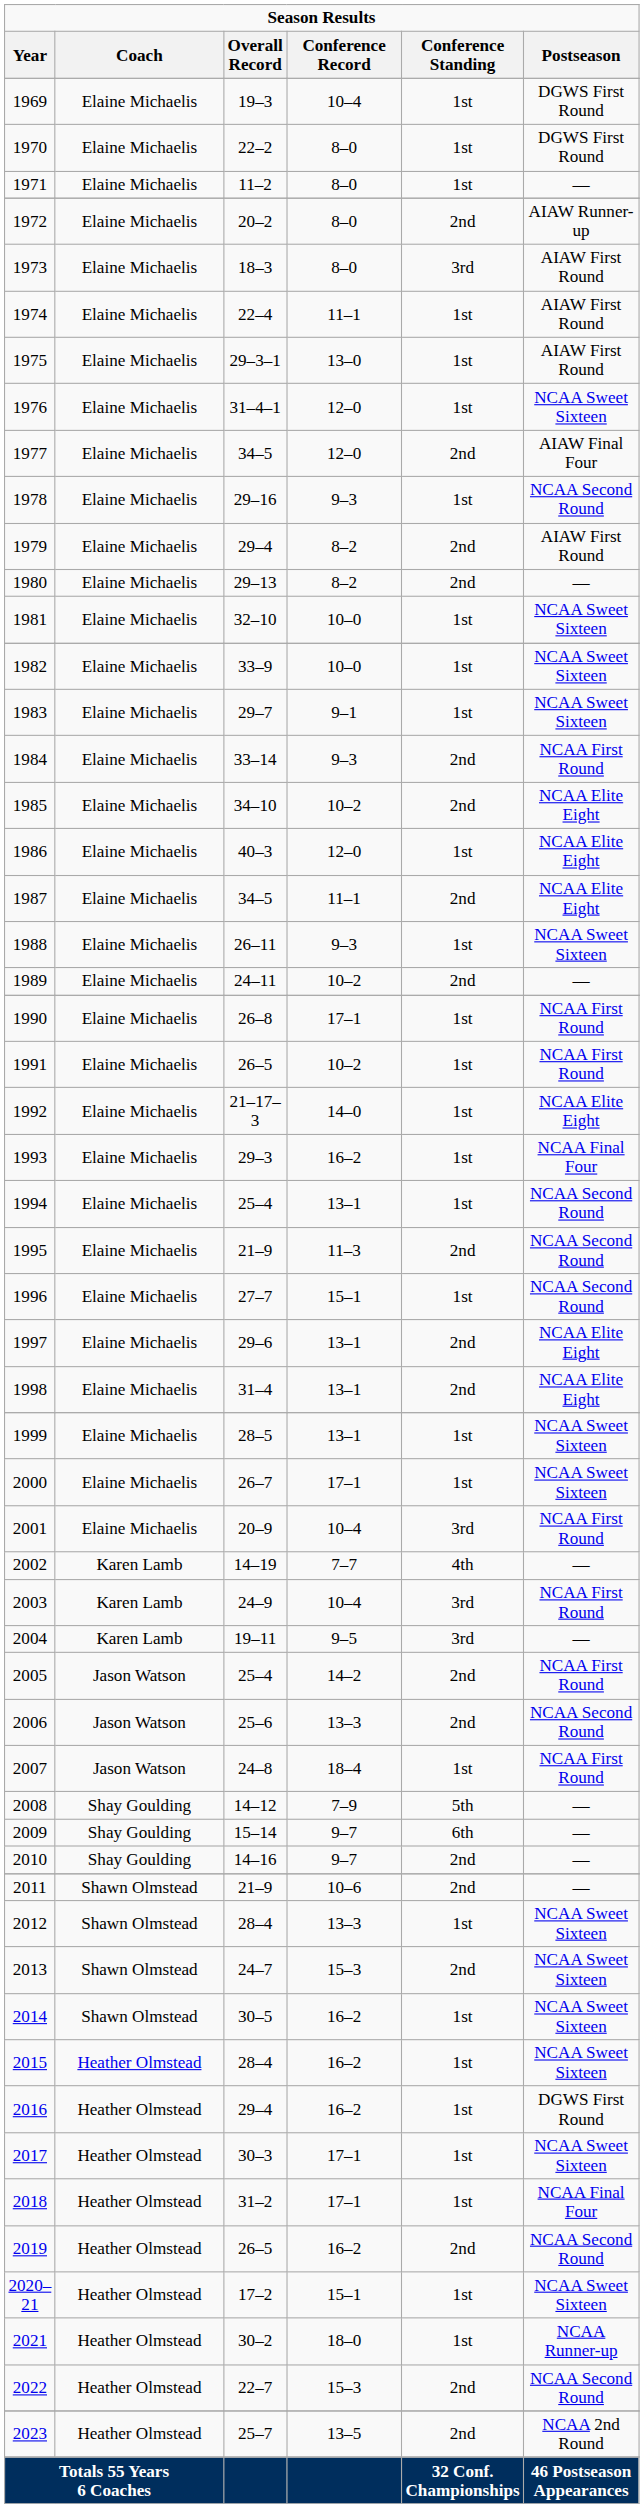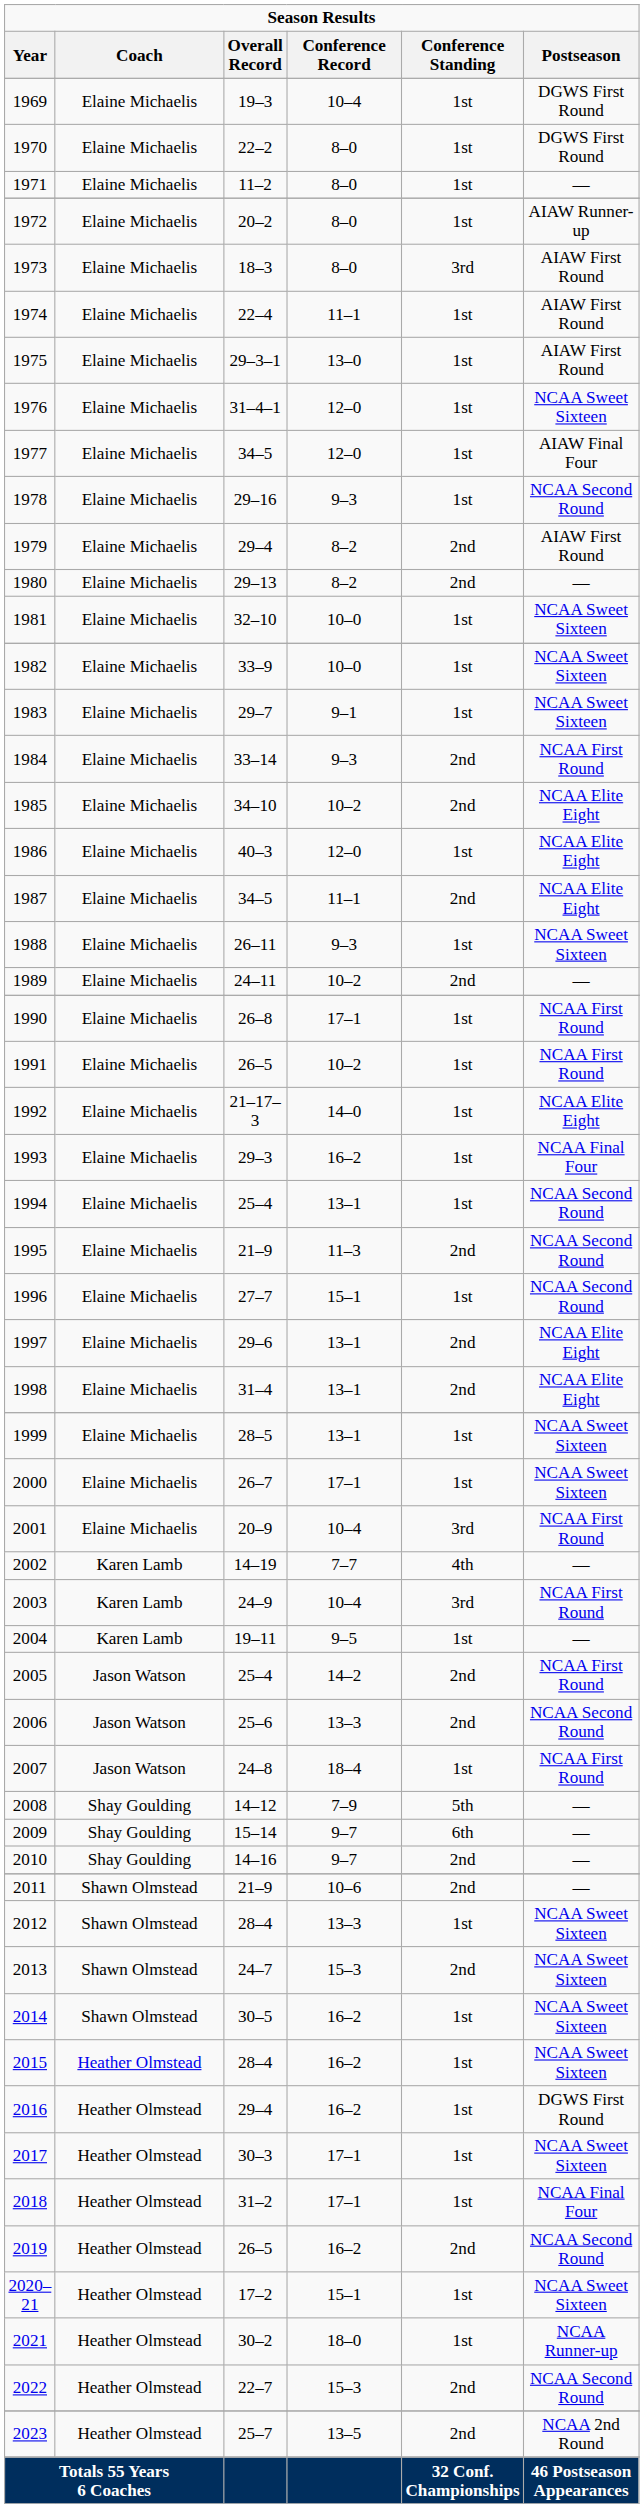 <table class="wikitable sortable" style="text-align:center">
 <tr>
 <td colspan="6"><strong>Season Results</strong></td>
 </tr>
 <tr>
 <th style="width:40px; ">Year</th>
 <th style="width:150px; ">Coach</th>
 <th style="width:40px; ">Overall Record</th>
 <th style="width:100px; ">Conference Record</th>
 <th style="width:40px; ">Conference Standing</th>
 <th style="width:100px; ">Postseason</th>
 </tr>
 <tr>
 </tr>
 <tr>
 <td>1969</td>
 <td>Elaine Michaelis</td>
 <td>19–3</td>
 <td>10–4</td>
 <td>1st</td>
 <td>DGWS First Round</td>
 </tr>
 <tr>
 <td>1970</td>
 <td>Elaine Michaelis</td>
 <td>22–2</td>
 <td>8–0</td>
 <td>1st</td>
 <td>DGWS First Round</td>
 </tr>
 <tr>
 <td>1971</td>
 <td>Elaine Michaelis</td>
 <td>11–2</td>
 <td>8–0</td>
 <td>1st</td>
 <td>—</td>
 </tr>
 <tr>
 </tr>
 <tr>
 <td>1972</td>
 <td>Elaine Michaelis</td>
 <td>20–2</td>
 <td>8–0</td>
-<td>2nd</td>
+<td>1st</td>
 <td>AIAW Runner-up</td>
 </tr>
 <tr>
 <td>1973</td>
 <td>Elaine Michaelis</td>
 <td>18–3</td>
 <td>8–0</td>
 <td>3rd</td>
 <td>AIAW First Round</td>
 </tr>
 <tr>
 <td>1974</td>
 <td>Elaine Michaelis</td>
 <td>22–4</td>
 <td>11–1</td>
 <td>1st</td>
 <td>AIAW First Round</td>
 </tr>
 <tr>
 <td>1975</td>
 <td>Elaine Michaelis</td>
 <td>29–3–1</td>
 <td>13–0</td>
 <td>1st</td>
 <td>AIAW First Round</td>
 </tr>
 <tr>
 <td>1976</td>
 <td>Elaine Michaelis</td>
 <td>31–4–1</td>
 <td>12–0</td>
 <td>1st</td>
 <td><a href='#'>NCAA Sweet Sixteen</a></td>
 </tr>
 <tr>
 <td>1977</td>
 <td>Elaine Michaelis</td>
 <td>34–5</td>
 <td>12–0</td>
-<td>2nd</td>
+<td>1st</td>
 <td>AIAW Final Four</td>
 </tr>
 <tr>
 <td>1978</td>
 <td>Elaine Michaelis</td>
 <td>29–16</td>
 <td>9–3</td>
 <td>1st</td>
 <td><a href='#'>NCAA Second Round</a></td>
 </tr>
 <tr>
 <td>1979</td>
 <td>Elaine Michaelis</td>
 <td>29–4</td>
 <td>8–2</td>
 <td>2nd</td>
 <td>AIAW First Round</td>
 </tr>
 <tr>
 <td>1980</td>
 <td>Elaine Michaelis</td>
 <td>29–13</td>
 <td>8–2</td>
 <td>2nd</td>
 <td>—</td>
 </tr>
 <tr>
 <td>1981</td>
 <td>Elaine Michaelis</td>
 <td>32–10</td>
 <td>10–0</td>
 <td>1st</td>
 <td><a href='#'>NCAA Sweet Sixteen</a></td>
 </tr>
 <tr>
 </tr>
 <tr>
 <td>1982</td>
 <td>Elaine Michaelis</td>
 <td>33–9</td>
 <td>10–0</td>
 <td>1st</td>
 <td><a href='#'>NCAA Sweet Sixteen</a></td>
 </tr>
 <tr>
 <td>1983</td>
 <td>Elaine Michaelis</td>
 <td>29–7</td>
 <td>9–1</td>
 <td>1st</td>
 <td><a href='#'>NCAA Sweet Sixteen</a></td>
 </tr>
 <tr>
 <td>1984</td>
 <td>Elaine Michaelis</td>
 <td>33–14</td>
 <td>9–3</td>
 <td>2nd</td>
 <td><a href='#'>NCAA First Round</a></td>
 </tr>
 <tr>
 <td>1985</td>
 <td>Elaine Michaelis</td>
 <td>34–10</td>
 <td>10–2</td>
 <td>2nd</td>
 <td><a href='#'>NCAA Elite Eight</a></td>
 </tr>
 <tr>
 <td>1986</td>
 <td>Elaine Michaelis</td>
 <td>40–3</td>
 <td>12–0</td>
 <td>1st</td>
 <td><a href='#'>NCAA Elite Eight</a></td>
 </tr>
 <tr>
 <td>1987</td>
 <td>Elaine Michaelis</td>
 <td>34–5</td>
 <td>11–1</td>
 <td>2nd</td>
 <td><a href='#'>NCAA Elite Eight</a></td>
 </tr>
 <tr>
 <td>1988</td>
 <td>Elaine Michaelis</td>
 <td>26–11</td>
 <td>9–3</td>
 <td>1st</td>
 <td><a href='#'>NCAA Sweet Sixteen</a></td>
 </tr>
 <tr>
 <td>1989</td>
 <td>Elaine Michaelis</td>
 <td>24–11</td>
 <td>10–2</td>
 <td>2nd</td>
 <td>—</td>
 </tr>
 <tr>
 </tr>
 <tr>
 <td>1990</td>
 <td>Elaine Michaelis</td>
 <td>26–8</td>
 <td>17–1</td>
 <td>1st</td>
 <td><a href='#'>NCAA First Round</a></td>
 </tr>
 <tr>
 <td>1991</td>
 <td>Elaine Michaelis</td>
 <td>26–5</td>
 <td>10–2</td>
 <td>1st</td>
 <td><a href='#'>NCAA First Round</a></td>
 </tr>
 <tr>
 <td>1992</td>
 <td>Elaine Michaelis</td>
 <td>21–17–3</td>
 <td>14–0</td>
 <td>1st</td>
 <td><a href='#'>NCAA Elite Eight</a></td>
 </tr>
 <tr>
 <td>1993</td>
 <td>Elaine Michaelis</td>
 <td>29–3</td>
 <td>16–2</td>
 <td>1st</td>
 <td><a href='#'>NCAA Final Four</a></td>
 </tr>
 <tr>
 <td>1994</td>
 <td>Elaine Michaelis</td>
 <td>25–4</td>
 <td>13–1</td>
 <td>1st</td>
 <td><a href='#'>NCAA Second Round</a></td>
 </tr>
 <tr>
 <td>1995</td>
 <td>Elaine Michaelis</td>
 <td>21–9</td>
 <td>11–3</td>
 <td>2nd</td>
 <td><a href='#'>NCAA Second Round</a></td>
 </tr>
 <tr>
 <td>1996</td>
 <td>Elaine Michaelis</td>
 <td>27–7</td>
 <td>15–1</td>
 <td>1st</td>
 <td><a href='#'>NCAA Second Round</a></td>
 </tr>
 <tr>
 <td>1997</td>
 <td>Elaine Michaelis</td>
 <td>29–6</td>
 <td>13–1</td>
 <td>2nd</td>
 <td><a href='#'>NCAA Elite Eight</a></td>
 </tr>
 <tr>
 <td>1998</td>
 <td>Elaine Michaelis</td>
 <td>31–4</td>
 <td>13–1</td>
 <td>2nd</td>
 <td><a href='#'>NCAA Elite Eight</a></td>
 </tr>
 <tr>
 </tr>
 <tr>
 <td>1999</td>
 <td>Elaine Michaelis</td>
 <td>28–5</td>
 <td>13–1</td>
 <td>1st</td>
 <td><a href='#'>NCAA Sweet Sixteen</a></td>
 </tr>
 <tr>
 <td>2000</td>
 <td>Elaine Michaelis</td>
 <td>26–7</td>
 <td>17–1</td>
 <td>1st</td>
 <td><a href='#'>NCAA Sweet Sixteen</a></td>
 </tr>
 <tr>
 <td>2001</td>
 <td>Elaine Michaelis</td>
 <td>20–9</td>
 <td>10–4</td>
 <td>3rd</td>
 <td><a href='#'>NCAA First Round</a></td>
 </tr>
 <tr>
 <td>2002</td>
 <td>Karen Lamb</td>
 <td>14–19</td>
 <td>7–7</td>
 <td>4th</td>
 <td>—</td>
 </tr>
 <tr>
 <td>2003</td>
 <td>Karen Lamb</td>
 <td>24–9</td>
 <td>10–4</td>
 <td>3rd</td>
 <td><a href='#'>NCAA First Round</a></td>
 </tr>
 <tr>
 <td>2004</td>
 <td>Karen Lamb</td>
 <td>19–11</td>
 <td>9–5</td>
-<td>3rd</td>
+<td>1st</td>
 <td>—</td>
 </tr>
 <tr>
 <td>2005</td>
 <td>Jason Watson</td>
 <td>25–4</td>
 <td>14–2</td>
 <td>2nd</td>
 <td><a href='#'>NCAA First Round</a></td>
 </tr>
 <tr>
 <td>2006</td>
 <td>Jason Watson</td>
 <td>25–6</td>
 <td>13–3</td>
 <td>2nd</td>
 <td><a href='#'>NCAA Second Round</a></td>
 </tr>
 <tr>
 <td>2007</td>
 <td>Jason Watson</td>
 <td>24–8</td>
 <td>18–4</td>
 <td>1st</td>
 <td><a href='#'>NCAA First Round</a></td>
 </tr>
 <tr>
 <td>2008</td>
 <td>Shay Goulding</td>
 <td>14–12</td>
 <td>7–9</td>
 <td>5th</td>
 <td>—</td>
 </tr>
 <tr>
 <td>2009</td>
 <td>Shay Goulding</td>
 <td>15–14</td>
 <td>9–7</td>
 <td>6th</td>
 <td>—</td>
 </tr>
 <tr>
 <td>2010</td>
 <td>Shay Goulding</td>
 <td>14–16</td>
 <td>9–7</td>
 <td>2nd</td>
 <td>—</td>
 </tr>
 <tr>
 </tr>
 <tr>
 <td>2011</td>
 <td>Shawn Olmstead</td>
 <td>21–9</td>
 <td>10–6</td>
 <td>2nd</td>
 <td>—</td>
 </tr>
 <tr>
 <td>2012</td>
 <td>Shawn Olmstead</td>
 <td>28–4</td>
 <td>13–3</td>
 <td>1st</td>
 <td><a href='#'>NCAA Sweet Sixteen</a></td>
 </tr>
 <tr>
 <td>2013</td>
 <td>Shawn Olmstead</td>
 <td>24–7</td>
 <td>15–3</td>
 <td>2nd</td>
 <td><a href='#'>NCAA Sweet Sixteen</a></td>
 </tr>
 <tr>
 <td><a href='#'>2014</a></td>
 <td>Shawn Olmstead</td>
 <td>30–5</td>
 <td>16–2</td>
 <td>1st</td>
 <td><a href='#'>NCAA Sweet Sixteen</a></td>
 </tr>
 <tr>
 <td><a href='#'>2015</a></td>
 <td><a href='#'>Heather Olmstead</a></td>
 <td>28–4</td>
 <td>16–2</td>
 <td>1st</td>
 <td><a href='#'>NCAA Sweet Sixteen</a></td>
 </tr>
 <tr>
 <td><a href='#'>2016</a></td>
 <td>Heather Olmstead</td>
 <td>29–4</td>
 <td>16–2</td>
 <td>1st</td>
 <td>DGWS First Round</td>
 </tr>
 <tr>
 <td><a href='#'>2017</a></td>
 <td>Heather Olmstead</td>
 <td>30–3</td>
 <td>17–1</td>
 <td>1st</td>
 <td><a href='#'>NCAA Sweet Sixteen</a></td>
 </tr>
 <tr>
 <td><a href='#'>2018</a></td>
 <td>Heather Olmstead</td>
 <td>31–2</td>
 <td>17–1</td>
 <td>1st</td>
 <td><a href='#'>NCAA Final Four</a></td>
 </tr>
 <tr>
 <td><a href='#'>2019</a></td>
 <td>Heather Olmstead</td>
 <td>26–5</td>
 <td>16–2</td>
 <td>2nd</td>
 <td><a href='#'>NCAA Second Round</a></td>
 </tr>
 <tr>
 <td><a href='#'>2020–21</a></td>
 <td>Heather Olmstead</td>
 <td>17–2</td>
 <td>15–1</td>
 <td>1st</td>
 <td><a href='#'>NCAA Sweet Sixteen</a></td>
 </tr>
 <tr>
 <td><a href='#'>2021</a></td>
 <td>Heather Olmstead</td>
 <td>30–2</td>
 <td>18–0</td>
 <td>1st</td>
 <td><a href='#'>NCAA Runner-up</a></td>
 </tr>
 <tr>
 <td><a href='#'>2022</a></td>
 <td>Heather Olmstead</td>
 <td>22–7</td>
 <td>15–3</td>
 <td>2nd</td>
 <td><a href='#'>NCAA Second Round</a></td>
 </tr>
 <tr>
 </tr>
 <tr>
 <td><a href='#'>2023</a></td>
 <td>Heather Olmstead</td>
 <td>25–7</td>
 <td>13–5</td>
 <td>2nd</td>
 <td><a href='#'>NCAA</a> 2nd Round</td>
 </tr>
 <tr>
 </tr>
 <tr style="text-align:center; background:#002E5D; color:white;">
 <td colspan="2"><strong>Totals 55 Years<br>6 Coaches </strong></td>
 <td></td>
 <td></td>
 <td><strong>32 Conf. Championships</strong> </td>
 <td><strong>46 Postseason Appearances</strong></td>
 </tr>
 <tr>
 </tr>
 </table>
